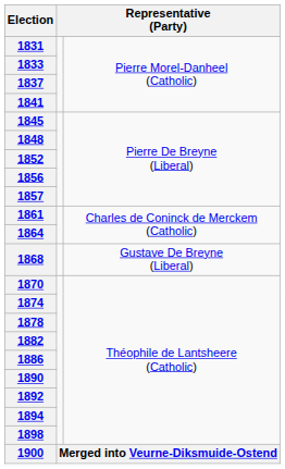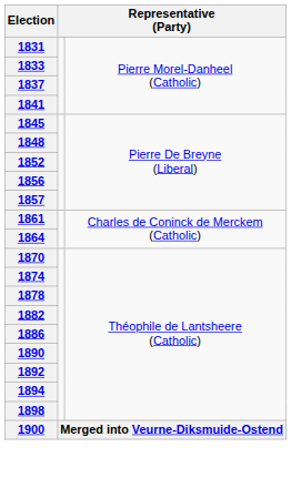 <table class="wikitable" style="text-align:center">
 <tr>
 <th>Election</th>
 <th colspan=2>Representative<br>(Party)</th>
 </tr>
 <tr>
 <th><a href='#'>1831</a></th>
 <td rowspan=4; style="background-color: "></td>
 <td rowspan=4><a href='#'>Pierre Morel-Danheel</a><br>(<a href='#'>Catholic</a>)</td>
 </tr>
 <tr>
 <th><a href='#'>1833</a></th>
 </tr>
 <tr>
 <th><a href='#'>1837</a></th>
 </tr>
 <tr>
 <th><a href='#'>1841</a></th>
 </tr>
 <tr>
 <th><a href='#'>1845</a></th>
 <td rowspan=5; style="background-color: "></td>
 <td rowspan=5><a href='#'>Pierre De Breyne</a><br>(<a href='#'>Liberal</a>)</td>
 </tr>
 <tr>
 <th><a href='#'>1848</a></th>
 </tr>
 <tr>
 <th><a href='#'>1852</a></th>
 </tr>
 <tr>
 <th><a href='#'>1856</a></th>
 </tr>
 <tr>
 <th><a href='#'>1857</a></th>
 </tr>
 <tr>
 <th><a href='#'>1861</a></th>
 <td rowspan=2; style="background-color: "></td>
 <td rowspan=2><a href='#'>Charles de Coninck de Merckem</a><br>(<a href='#'>Catholic</a>)</td>
 </tr>
 <tr>
 <th><a href='#'>1864</a></th>
 </tr>
 <tr>
-<th><a href='#'>1868</a></th>
-<td rowspan=1; style="background-color: "></td>
-<td rowspan=1><a href='#'>Gustave De Breyne</a><br>(<a href='#'>Liberal</a>)</td>
-</tr>
-<tr>
 <th><a href='#'>1870</a></th>
 <td rowspan=9; style="background-color: "></td>
 <td rowspan=9><a href='#'>Théophile de Lantsheere</a><br>(<a href='#'>Catholic</a>)</td>
 </tr>
 <tr>
 <th><a href='#'>1874</a></th>
 </tr>
 <tr>
 <th><a href='#'>1878</a></th>
 </tr>
 <tr>
 <th><a href='#'>1882</a></th>
 </tr>
 <tr>
 <th><a href='#'>1886</a></th>
 </tr>
 <tr>
 <th><a href='#'>1890</a></th>
 </tr>
 <tr>
 <th><a href='#'>1892</a></th>
 </tr>
 <tr>
 <th><a href='#'>1894</a></th>
 </tr>
 <tr>
 <th><a href='#'>1898</a></th>
 </tr>
 <tr>
 <th><a href='#'>1900</a></th>
 <th colspan=2>Merged into <a href='#'>Veurne-Diksmuide-Ostend</a></th>
 </tr>
 </table>
